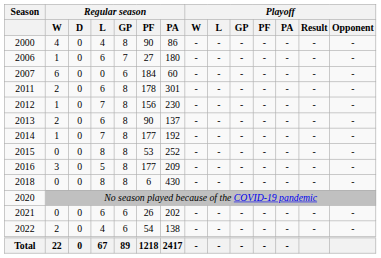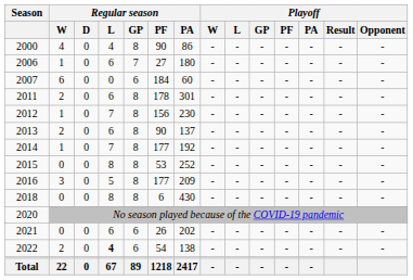 <table class="wikitable"  class="wikitable" style="text-align: center;" align=center style="font-size: 95%;">
 <tr>
 <th width=60>Season</th>
 <th colspan="6"><em>Regular season</em></th>
 <th colspan="7"><em>Playoff</em></th>
 </tr>
 <tr>
 <th> </th>
 <th width=30>W</th>
 <th width=30>D</th>
 <th width=30>L</th>
 <th width=30>GP</th>
 <th width=30>PF</th>
 <th width=30>PA</th>
 <th width=30>W</th>
 <th width=30>L</th>
 <th width=30>GP</th>
 <th width=30>PF</th>
 <th width=30>PA</th>
 <th>Result</th>
 <th>Opponent</th>
 </tr>
 <tr align=center>
 <td>2000</td>
 <td>4</td>
 <td>0</td>
 <td>4</td>
 <td>8</td>
 <td>90</td>
 <td>86</td>
 <td>-</td>
 <td>-</td>
 <td>-</td>
 <td>-</td>
 <td>-</td>
 <td>-</td>
 <td>-</td>
 </tr>
 <tr align=center>
 <td>2006</td>
 <td>1</td>
 <td>0</td>
 <td>6</td>
 <td>7</td>
 <td>27</td>
 <td>180</td>
 <td>-</td>
 <td>-</td>
 <td>-</td>
 <td>-</td>
 <td>-</td>
 <td>-</td>
 <td>-</td>
 </tr>
 <tr align=center>
 <td>2007</td>
 <td>6</td>
 <td>0</td>
 <td>0</td>
 <td>6</td>
 <td>184</td>
 <td>60</td>
 <td>-</td>
 <td>-</td>
 <td>-</td>
 <td>-</td>
 <td>-</td>
 <td>-</td>
 <td>-</td>
 </tr>
 <tr align=center>
 <td>2011</td>
 <td>2</td>
 <td>0</td>
 <td>6</td>
 <td>8</td>
 <td>178</td>
 <td>301</td>
 <td>-</td>
 <td>-</td>
 <td>-</td>
 <td>-</td>
 <td>-</td>
 <td>-</td>
 <td>-</td>
 </tr>
 <tr align=center>
 <td>2012</td>
 <td>1</td>
 <td>0</td>
 <td>7</td>
 <td>8</td>
 <td>156</td>
 <td>230</td>
 <td>-</td>
 <td>-</td>
 <td>-</td>
 <td>-</td>
 <td>-</td>
 <td>-</td>
 <td>-</td>
 </tr>
 <tr align="center">
 <td>2013</td>
 <td>2</td>
 <td>0</td>
 <td>6</td>
 <td>8</td>
 <td>90</td>
 <td>137</td>
 <td>-</td>
 <td>-</td>
 <td>-</td>
 <td>-</td>
 <td>-</td>
 <td>-</td>
 <td>-</td>
 </tr>
 <tr align="center">
 <td>2014</td>
 <td>1</td>
 <td>0</td>
 <td>7</td>
 <td>8</td>
 <td>177</td>
 <td>192</td>
 <td>-</td>
 <td>-</td>
 <td>-</td>
 <td>-</td>
 <td>-</td>
 <td>-</td>
 <td>-</td>
 </tr>
 <tr align="center">
 <td>2015</td>
 <td>0</td>
 <td>0</td>
 <td>8</td>
 <td>8</td>
 <td>53</td>
 <td>252</td>
 <td>-</td>
 <td>-</td>
 <td>-</td>
 <td>-</td>
 <td>-</td>
 <td>-</td>
 <td>-</td>
 </tr>
 <tr align="center">
 <td>2016</td>
 <td>3</td>
 <td>0</td>
 <td>5</td>
 <td>8</td>
 <td>177</td>
 <td>209</td>
 <td>-</td>
 <td>-</td>
 <td>-</td>
 <td>-</td>
 <td>-</td>
 <td>-</td>
 <td>-</td>
 </tr>
 <tr align="center">
 <td>2018</td>
 <td>0</td>
 <td>0</td>
 <td>8</td>
 <td>8</td>
 <td>6</td>
 <td>430</td>
 <td>-</td>
 <td>-</td>
 <td>-</td>
 <td>-</td>
 <td>-</td>
 <td>-</td>
 <td>-</td>
 </tr>
 <tr align=center>
 <td>2020</td>
 <td colspan="13" style="background:#C0C0C0"><em>No season played because of the <a href='#'>COVID-19 pandemic</a></em></td>
 </tr>
 <tr align=center>
 <td>2021</td>
 <td>0</td>
 <td>0</td>
 <td>6</td>
 <td>6</td>
 <td>26</td>
 <td>202</td>
 <td>-</td>
 <td>-</td>
 <td>-</td>
 <td>-</td>
 <td>-</td>
 <td>-</td>
 <td>-</td>
 </tr>
 <tr align=center>
 <td>2022</td>
 <td>2</td>
 <td>0</td>
-<td>4</td>
+<td><strong>4</strong></td>
 <td>6</td>
 <td>54</td>
 <td>138</td>
 <td>-</td>
 <td>-</td>
 <td>-</td>
 <td>-</td>
 <td>-</td>
 <td>-</td>
 <td>-</td>
 </tr>
 <tr style="border-top-style:double">
 <th>Total</th>
 <th>22</th>
 <th>0</th>
 <th>67</th>
 <th>89</th>
 <th>1218</th>
 <th>2417</th>
 <th>-</th>
 <th>-</th>
 <th>-</th>
 <th>-</th>
 <th>-</th>
 <th></th>
 <th></th>
 </tr>
 </table>
